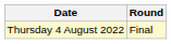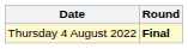 <table class="wikitable">
 <tr>
 <th>Date</th>
 <th>Round</th>
 </tr>
 <tr>
 <td style="background:lemonchiffon">Thursday 4 August 2022</td>
-<td style="background:lemonchiffon">Final</td>
+<td style="background:lemonchiffon"><strong>Final</strong></td>
 </tr>
 </table>
